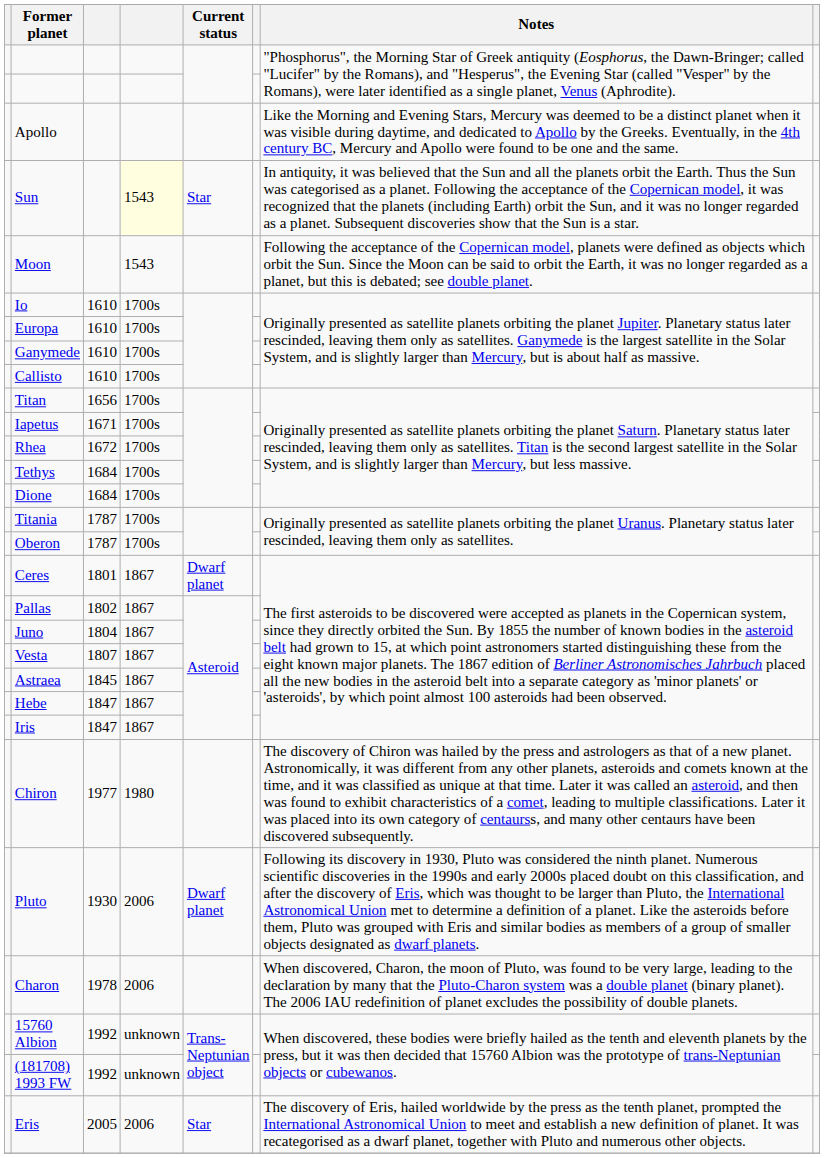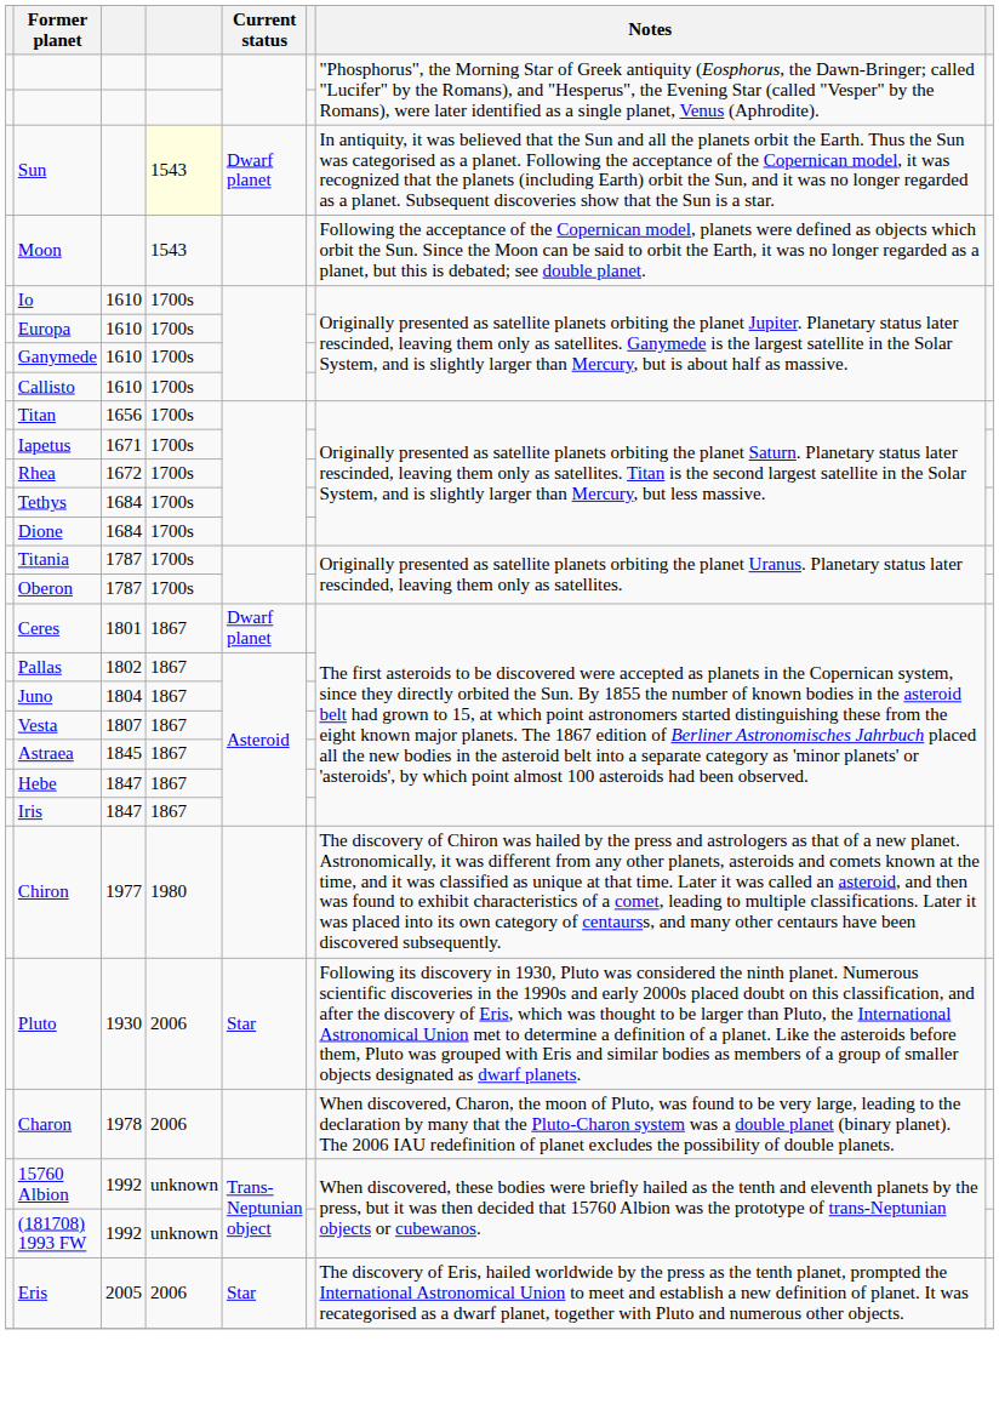 <table class="wikitable sortable">
 <tr>
 </tr>
 <tr>
 <th class="unsortable"></th>
 <th>Former planet</th>
 <th></th>
 <th></th>
 <th>Current status</th>
 <th class="unsortable"></th>
 <th class="unsortable" width=100%>Notes</th>
 <th class="unsortable"></th>
 </tr>
 <tr>
 <td></td>
 <td></td>
 <td></td>
 <td></td>
 <td rowspan=2></td>
 <td></td>
 <td rowspan=2>"Phosphorus", the Morning Star of Greek antiquity (<em>Eosphorus</em>, the Dawn-Bringer; called "Lucifer" by the Romans), and "Hesperus", the Evening Star (called "Vesper" by the Romans), were later identified as a single planet, <a href='#'>Venus</a> (Aphrodite).</td>
 <td rowspan=2><br></td>
 </tr>
 <tr>
 <td></td>
 <td></td>
 <td></td>
 <td></td>
 <td></td>
 </tr>
 <tr>
 <td></td>
-<td>Apollo</td>
-<td></td>
-<td></td>
-<td></td>
-<td></td>
-<td>Like the Morning and Evening Stars, Mercury was deemed to be a distinct planet when it was visible during daytime, and dedicated to <a href='#'>Apollo</a> by the Greeks. Eventually, in the <a href='#'>4th century BC</a>, Mercury and Apollo were found to be one and the same.</td>
-<td></td>
-</tr>
-<tr>
-<td></td>
 <td><a href='#'>Sun</a></td>
 <td></td>
 <td style="background: lightyellow;">1543</td>
-<td><a href='#'>Star</a></td>
+<td><a href='#'>Dwarf planet</a></td>
 <td></td>
 <td>In antiquity, it was believed that the Sun and all the planets orbit the Earth. Thus the Sun was categorised as a planet. Following the acceptance of the <a href='#'>Copernican model</a>, it was recognized that the planets (including Earth) orbit the Sun, and it was no longer regarded as a planet. Subsequent discoveries show that the Sun is a star.</td>
 <td><br></td>
 </tr>
 <tr>
 <td></td>
 <td><a href='#'>Moon</a></td>
 <td></td>
 <td>1543</td>
 <td></td>
 <td></td>
 <td>Following the acceptance of the <a href='#'>Copernican model</a>, planets were defined as objects which orbit the Sun. Since the Moon can be said to orbit the Earth, it was no longer regarded as a planet, but this is debated; see <a href='#'>double planet</a>.</td>
 <td><br></td>
 </tr>
 <tr>
 <td></td>
 <td><a href='#'>Io</a></td>
 <td>1610</td>
 <td>1700s</td>
 <td rowspan=4></td>
 <td></td>
 <td rowspan=4>Originally presented as satellite planets orbiting the planet <a href='#'>Jupiter</a>. Planetary status later rescinded, leaving them only as satellites. <a href='#'>Ganymede</a> is the largest satellite in the Solar System, and is slightly larger than <a href='#'>Mercury</a>, but is about half as massive.</td>
 <td rowspan=4><br> </td>
 </tr>
 <tr>
 <td></td>
 <td><a href='#'>Europa</a></td>
 <td>1610</td>
 <td>1700s</td>
 <td></td>
 </tr>
 <tr>
 <td></td>
 <td><a href='#'>Ganymede</a></td>
 <td>1610</td>
 <td>1700s</td>
 <td></td>
 </tr>
 <tr>
 <td></td>
 <td><a href='#'>Callisto</a></td>
 <td>1610</td>
 <td>1700s</td>
 <td></td>
 </tr>
 <tr>
 <td></td>
 <td><a href='#'>Titan</a></td>
 <td>1656</td>
 <td>1700s</td>
 <td rowspan=5></td>
 <td></td>
 <td rowspan=5>Originally presented as satellite planets orbiting the planet <a href='#'>Saturn</a>. Planetary status later rescinded, leaving them only as satellites. <a href='#'>Titan</a> is the second largest satellite in the Solar System, and is slightly larger than <a href='#'>Mercury</a>, but less massive.</td>
 <td></td>
 </tr>
 <tr>
 <td></td>
 <td><a href='#'>Iapetus</a></td>
 <td>1671</td>
 <td>1700s</td>
 <td></td>
 <td rowspan=2><br> </td>
 </tr>
 <tr>
 <td></td>
 <td><a href='#'>Rhea</a></td>
 <td>1672</td>
 <td>1700s</td>
 <td></td>
 </tr>
 <tr>
 <td></td>
 <td><a href='#'>Tethys</a></td>
 <td>1684</td>
 <td>1700s</td>
 <td></td>
 <td rowspan=2><br> </td>
 </tr>
 <tr>
 <td></td>
 <td><a href='#'>Dione</a></td>
 <td>1684</td>
 <td>1700s</td>
 <td></td>
 </tr>
 <tr>
 <td></td>
 <td><a href='#'>Titania</a></td>
 <td>1787</td>
 <td>1700s</td>
 <td rowspan=2></td>
 <td></td>
 <td rowspan=2>Originally presented as satellite planets orbiting the planet <a href='#'>Uranus</a>. Planetary status later rescinded, leaving them only as satellites.</td>
 <td></td>
 </tr>
 <tr>
 <td></td>
 <td><a href='#'>Oberon</a></td>
 <td>1787</td>
 <td>1700s</td>
 <td></td>
 <td></td>
 </tr>
 <tr>
 <td></td>
 <td><a href='#'>Ceres</a></td>
 <td>1801</td>
 <td>1867</td>
 <td><a href='#'>Dwarf planet</a></td>
 <td></td>
 <td rowspan=7><br>The first asteroids to be discovered were accepted as planets in the Copernican system, since they directly orbited the Sun. By 1855 the number of known bodies in the <a href='#'>asteroid belt</a> had grown to 15, at which point astronomers started distinguishing these from the eight known major planets. The 1867 edition of <em><a href='#'>Berliner Astronomisches Jahrbuch</a></em> placed all the new bodies in the asteroid belt into a separate category as 'minor planets' or 'asteroids', by which point almost 100 asteroids had been observed.</td>
 <td rowspan=7><br></td>
 </tr>
 <tr>
 <td></td>
 <td><a href='#'>Pallas</a></td>
 <td>1802</td>
 <td>1867</td>
 <td rowspan=6><a href='#'>Asteroid</a></td>
 <td></td>
 </tr>
 <tr>
 <td></td>
 <td><a href='#'>Juno</a></td>
 <td>1804</td>
 <td>1867</td>
 <td></td>
 </tr>
 <tr>
 <td></td>
 <td><a href='#'>Vesta</a></td>
 <td>1807</td>
 <td>1867</td>
 <td></td>
 </tr>
 <tr>
 <td></td>
 <td><a href='#'>Astraea</a></td>
 <td>1845</td>
 <td>1867</td>
 <td></td>
 </tr>
 <tr>
 <td></td>
 <td><a href='#'>Hebe</a></td>
 <td>1847</td>
 <td>1867</td>
 <td></td>
 </tr>
 <tr>
 <td></td>
 <td><a href='#'>Iris</a></td>
 <td>1847</td>
 <td>1867</td>
 <td></td>
 </tr>
 <tr>
 <td></td>
 <td><a href='#'>Chiron</a></td>
 <td>1977</td>
 <td>1980</td>
 <td></td>
 <td></td>
 <td>The discovery of Chiron was hailed by the press and astrologers as that of a new planet. Astronomically, it was different from any other planets, asteroids and comets known at the time, and it was classified as unique at that time. Later it was called an <a href='#'>asteroid</a>, and then was found to exhibit characteristics of a <a href='#'>comet</a>, leading to multiple classifications. Later it was placed into its own category of <a href='#'>centaurs</a>s, and many other centaurs have been discovered subsequently.</td>
 <td><br> </td>
 </tr>
 <tr>
 <td><br></td>
 <td><a href='#'>Pluto</a></td>
 <td>1930</td>
 <td>2006</td>
-<td><a href='#'>Dwarf planet</a></td>
+<td><a href='#'>Star</a></td>
 <td></td>
 <td>Following its discovery in 1930, Pluto was considered the ninth planet. Numerous scientific discoveries in the 1990s and early 2000s placed doubt on this classification, and after the discovery of <a href='#'>Eris</a>, which was thought to be larger than Pluto, the <a href='#'>International Astronomical Union</a> met to determine a definition of a planet. Like the asteroids before them, Pluto was grouped with Eris and similar bodies as members of a group of smaller objects designated as <a href='#'>dwarf planets</a>.</td>
 <td><br></td>
 </tr>
 <tr>
 <td></td>
 <td><a href='#'>Charon</a></td>
 <td>1978</td>
 <td>2006</td>
 <td></td>
 <td></td>
 <td>When discovered, Charon, the moon of Pluto, was found to be very large, leading to the declaration by many that the <a href='#'>Pluto-Charon system</a> was a <a href='#'>double planet</a> (binary planet). The 2006 IAU redefinition of planet excludes the possibility of double planets.</td>
 <td><br></td>
 </tr>
 <tr>
 <td></td>
 <td><a href='#'>15760 Albion</a></td>
 <td>1992</td>
 <td>unknown</td>
 <td rowspan=2><a href='#'>Trans-Neptunian object</a></td>
 <td></td>
 <td rowspan=2>When discovered, these bodies were briefly hailed as the tenth and eleventh planets by the press, but it was then decided that 15760 Albion was the prototype of <a href='#'>trans-Neptunian objects</a> or <a href='#'>cubewanos</a>.</td>
 <td></td>
 </tr>
 <tr>
 <td></td>
 <td><a href='#'>(181708) 1993 FW</a></td>
 <td>1992</td>
 <td>unknown</td>
 <td></td>
 <td></td>
 </tr>
 <tr>
 <td></td>
 <td><a href='#'>Eris</a></td>
 <td>2005</td>
 <td>2006</td>
 <td><a href='#'>Star</a></td>
 <td></td>
 <td>The discovery of Eris, hailed worldwide by the press as the tenth planet, prompted the <a href='#'>International Astronomical Union</a> to meet and establish a new definition of planet. It was recategorised as a dwarf planet, together with Pluto and numerous other objects.</td>
 <td><br></td>
 </tr>
 <tr>
 </tr>
 </table>
